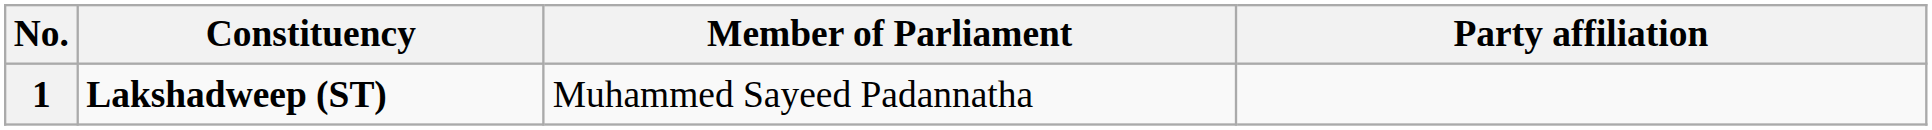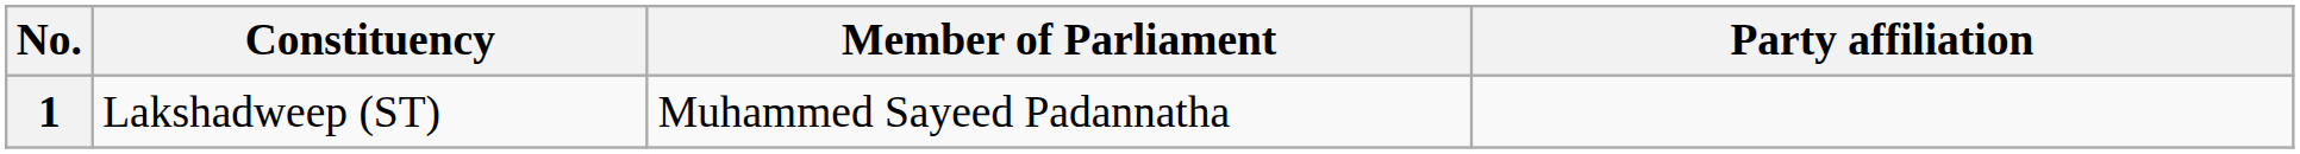 <table class="wikitable sortable">
 <tr style="text-align:center;">
 <th>No.</th>
 <th style="width:12em">Constituency</th>
 <th style="width:18em">Member of Parliament</th>
 <th colspan="2" style="width:18em">Party affiliation</th>
 </tr>
 <tr>
 <th>1</th>
-<td><strong>Lakshadweep (ST)</strong></td>
+<td>Lakshadweep (ST)</td>
 <td>Muhammed Sayeed Padannatha</td>
 <td></td>
 </tr>
 </table>
